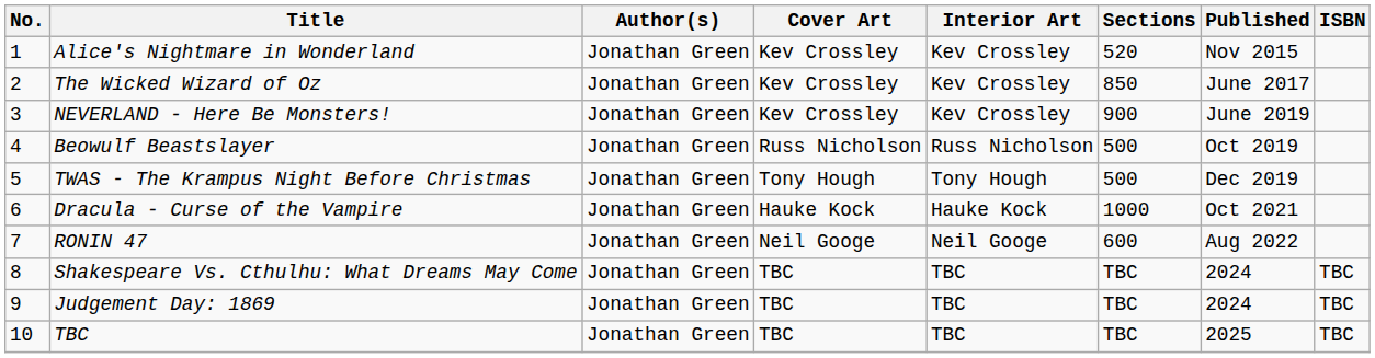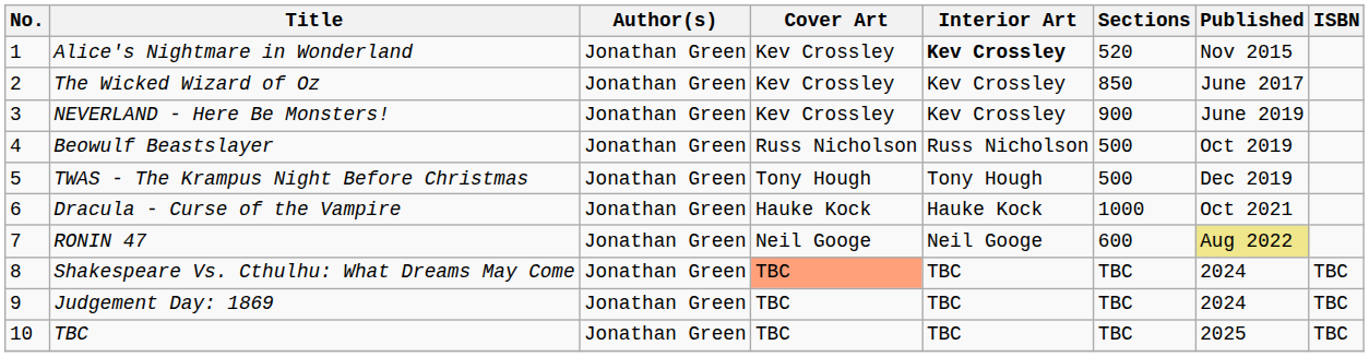 <table class="wikitable">
 <tr>
 <th>No.</th>
 <th>Title</th>
 <th>Author(s)</th>
 <th>Cover Art</th>
 <th>Interior Art</th>
 <th>Sections</th>
 <th>Published</th>
 <th>ISBN</th>
 </tr>
 <tr>
 <td>1</td>
 <td><em>Alice's Nightmare in Wonderland</em></td>
 <td>Jonathan Green</td>
 <td>Kev Crossley</td>
-<td>Kev Crossley</td>
+<td><strong>Kev Crossley</strong></td>
 <td>520</td>
 <td>Nov 2015</td>
 <td></td>
 </tr>
 <tr>
 <td>2</td>
 <td><em>The Wicked Wizard of Oz</em></td>
 <td>Jonathan Green</td>
 <td>Kev Crossley</td>
 <td>Kev Crossley</td>
 <td>850</td>
 <td>June 2017</td>
 <td></td>
 </tr>
 <tr>
 <td>3</td>
 <td><em>NEVERLAND - Here Be Monsters!</em></td>
 <td>Jonathan Green</td>
 <td>Kev Crossley</td>
 <td>Kev Crossley</td>
 <td>900</td>
 <td>June 2019</td>
 <td></td>
 </tr>
 <tr>
 <td>4</td>
 <td><em>Beowulf Beastslayer</em></td>
 <td>Jonathan Green</td>
 <td>Russ Nicholson</td>
 <td>Russ Nicholson</td>
 <td>500</td>
 <td>Oct 2019</td>
 <td></td>
 </tr>
 <tr>
 <td>5</td>
 <td><em>TWAS - The Krampus Night Before Christmas</em></td>
 <td>Jonathan Green</td>
 <td>Tony Hough</td>
 <td>Tony Hough</td>
 <td>500</td>
 <td>Dec 2019</td>
 <td></td>
 </tr>
 <tr>
 <td>6</td>
 <td><em>Dracula - Curse of the Vampire</em></td>
 <td>Jonathan Green</td>
 <td>Hauke Kock</td>
 <td>Hauke Kock</td>
 <td>1000</td>
 <td>Oct 2021</td>
 <td></td>
 </tr>
 <tr>
 <td>7</td>
 <td><em>RONIN 47</em></td>
 <td>Jonathan Green</td>
 <td>Neil Googe</td>
 <td>Neil Googe</td>
 <td>600</td>
-<td>Aug 2022</td>
+<td style="background: khaki;">Aug 2022</td>
 <td></td>
 </tr>
 <tr>
 <td>8</td>
 <td><em>Shakespeare Vs. Cthulhu: What Dreams May Come</em></td>
 <td>Jonathan Green</td>
-<td>TBC</td>
+<td style="background: lightsalmon;">TBC</td>
 <td>TBC</td>
 <td>TBC</td>
 <td>2024</td>
 <td>TBC</td>
 </tr>
 <tr>
 <td>9</td>
 <td><em>Judgement Day: 1869</em></td>
 <td>Jonathan Green</td>
 <td>TBC</td>
 <td>TBC</td>
 <td>TBC</td>
 <td>2024</td>
 <td>TBC</td>
 </tr>
 <tr>
 <td>10</td>
 <td><em>TBC</em></td>
 <td>Jonathan Green</td>
 <td>TBC</td>
 <td>TBC</td>
 <td>TBC</td>
 <td>2025</td>
 <td>TBC</td>
 </tr>
 <tr>
 </tr>
 </table>
